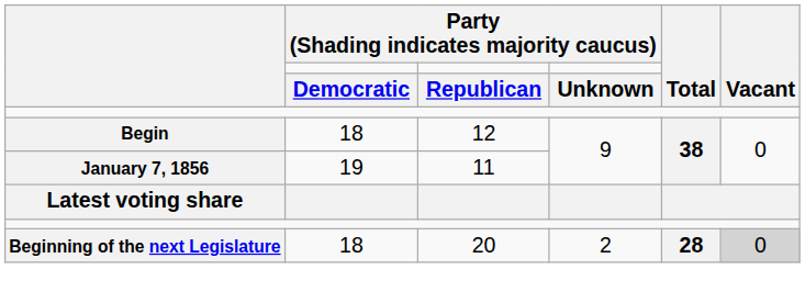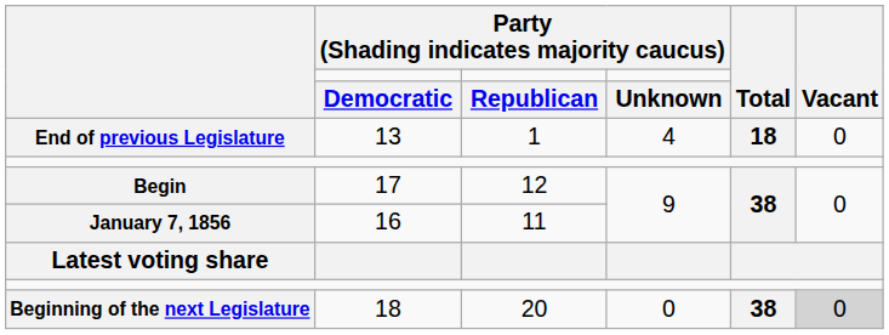 <table class=wikitable style="text-align:center">
 <tr style="vertical-align:bottom;">
 <th rowspan=3></th>
 <th colspan=3>Party <div>(Shading indicates majority caucus)</div></th>
 <th rowspan=3>Total</th>
 <th rowspan=3>Vacant</th>
 </tr>
 <tr style="height:5px">
 <td style="background-color:"></td>
 <td style="background-color:"></td>
 <td style="background-color:"></td>
 </tr>
 <tr>
 <th><a href='#'>Democratic</a></th>
 <th><a href='#'>Republican</a></th>
 <th>Unknown</th>
 </tr>
 <tr>
+<th style="white-space:nowrap; font-size:80%;">End of <a href='#'>previous Legislature</a></th>
+<td>13</td>
+<td>1</td>
+<td>4</td>
+<th>18</th>
+<td>0</td>
+</tr>
+<tr>
 <td colspan=6></td>
 </tr>
 <tr>
 <th style="font-size:80%">Begin</th>
-<td>18</td>
+<td>17</td>
 <td>12</td>
 <td rowspan="2">9</td>
 <th rowspan="2">38</th>
 <td rowspan="2">0</td>
 </tr>
 <tr>
 <th style="font-size:80%">January 7, 1856 </th>
-<td>19</td>
+<td>16</td>
 <td>11</td>
 </tr>
 <tr>
 <th>Latest voting share</th>
 <th></th>
 <th></th>
 <th></th>
 <th colspan=2></th>
 </tr>
 <tr>
 <td colspan=6></td>
 </tr>
 <tr>
 <th style="white-space:nowrap; font-size:80%;">Beginning of the <a href='#'>next Legislature</a></th>
 <td>18</td>
 <td>20</td>
-<td>2</td>
-<th>28</th>
+<td>0</td>
+<th>38</th>
 <td style="background: lightgrey;">0</td>
 </tr>
 </table>
